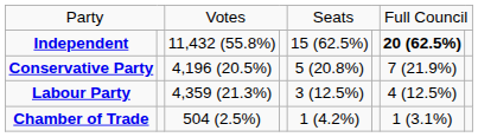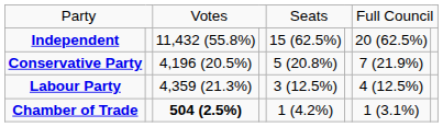 <table class=wikitable style="text-align:center;">
 <tr>
 <td colspan=2>Party</td>
 <td colspan=2>Votes</td>
 <td colspan=2>Seats</td>
 <td colspan=3>Full Council</td>
 </tr>
 <tr>
 <td><strong><a href='#'>Independent</a></strong></td>
 <td></td>
 <td>11,432 (55.8%)</td>
 <td></td>
 <td>15 (62.5%)</td>
 <td></td>
-<td><strong>20 (62.5%)</strong></td>
+<td>20 (62.5%)</td>
 <td></td>
 </tr>
 <tr>
 <td><strong><a href='#'>Conservative Party</a></strong></td>
 <td></td>
 <td>4,196 (20.5%)</td>
 <td></td>
 <td>5 (20.8%)</td>
 <td></td>
 <td>7 (21.9%)</td>
 <td></td>
 </tr>
 <tr>
 <td><strong><a href='#'>Labour Party</a></strong></td>
 <td></td>
 <td>4,359 (21.3%)</td>
 <td></td>
 <td>3 (12.5%)</td>
 <td></td>
 <td>4 (12.5%)</td>
 <td></td>
 </tr>
 <tr>
 <td><strong><a href='#'>Chamber of Trade</a></strong></td>
 <td></td>
-<td>504 (2.5%)</td>
+<td><strong>504 (2.5%)</strong></td>
 <td></td>
 <td>1 (4.2%)</td>
 <td></td>
 <td>1 (3.1%)</td>
 <td></td>
 </tr>
 </table>
